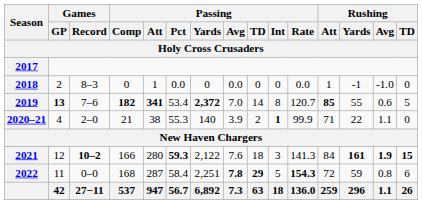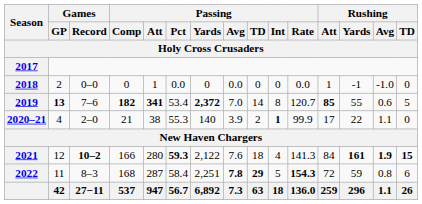 <table class="wikitable" style="text-align:center;">
 <tr>
 <th rowspan="2">Season</th>
 <th colspan="2">Games</th>
 <th colspan="8">Passing</th>
 <th colspan="4">Rushing</th>
 </tr>
 <tr>
 <th>GP</th>
 <th>Record</th>
 <th>Comp</th>
 <th>Att</th>
 <th>Pct</th>
 <th>Yards</th>
 <th>Avg</th>
 <th>TD</th>
 <th>Int</th>
 <th>Rate</th>
 <th>Att</th>
 <th>Yards</th>
 <th>Avg</th>
 <th>TD</th>
 </tr>
 <tr>
 <th colspan="16">Holy Cross Crusaders</th>
 </tr>
 <tr>
 <th><a href='#'>2017</a></th>
 <td colspan="15"></td>
 </tr>
 <tr>
 <th><a href='#'>2018</a></th>
 <td>2</td>
-<td>8–3</td>
+<td>0–0</td>
 <td>0</td>
 <td>1</td>
 <td>0.0</td>
 <td>0</td>
 <td>0.0</td>
 <td>0</td>
 <td>0</td>
 <td>0.0</td>
 <td>1</td>
 <td>-1</td>
 <td>-1.0</td>
 <td>0</td>
 </tr>
 <tr>
 <th><a href='#'>2019</a></th>
 <td><strong>13</strong></td>
 <td>7–6</td>
 <td><strong>182</strong></td>
 <td><strong>341</strong></td>
 <td>53.4</td>
 <td><strong>2,372</strong></td>
 <td>7.0</td>
 <td>14</td>
 <td>8</td>
 <td>120.7</td>
 <td><strong>85</strong></td>
 <td>55</td>
 <td>0.6</td>
 <td>5</td>
 </tr>
 <tr>
 <th><a href='#'>2020–21</a></th>
 <td>4</td>
 <td>2–0</td>
 <td>21</td>
 <td>38</td>
 <td>55.3</td>
 <td>140</td>
 <td>3.9</td>
 <td>2</td>
 <td><strong>1</strong></td>
 <td>99.9</td>
-<td>71</td>
+<td>17</td>
 <td>22</td>
 <td>1.1</td>
 <td>0</td>
 </tr>
 <tr>
 <th colspan="16">New Haven Chargers</th>
 </tr>
 <tr>
 <th><a href='#'>2021</a></th>
 <td>12</td>
 <td><strong>10–2</strong></td>
 <td>166</td>
 <td>280</td>
 <td><strong>59.3</strong></td>
 <td>2,122</td>
 <td>7.6</td>
 <td>18</td>
-<td>3</td>
+<td>4</td>
 <td>141.3</td>
 <td>84</td>
 <td><strong>161</strong></td>
 <td><strong>1.9</strong></td>
 <td><strong>15</strong></td>
 </tr>
 <tr>
 <th><a href='#'>2022</a></th>
 <td>11</td>
-<td>0–0</td>
+<td>8–3</td>
 <td>168</td>
 <td>287</td>
 <td>58.4</td>
 <td>2,251</td>
 <td><strong>7.8</strong></td>
 <td><strong>29</strong></td>
 <td>5</td>
 <td><strong>154.3</strong></td>
 <td>72</td>
 <td>59</td>
 <td>0.8</td>
 <td>6</td>
 </tr>
 <tr>
 <th></th>
 <th>42</th>
 <th>27−11</th>
 <th>537</th>
 <th>947</th>
 <th>56.7</th>
 <th>6,892</th>
 <th>7.3</th>
 <th>63</th>
 <th>18</th>
 <th>136.0</th>
 <th>259</th>
 <th>296</th>
 <th>1.1</th>
 <th>26</th>
 </tr>
 </table>
